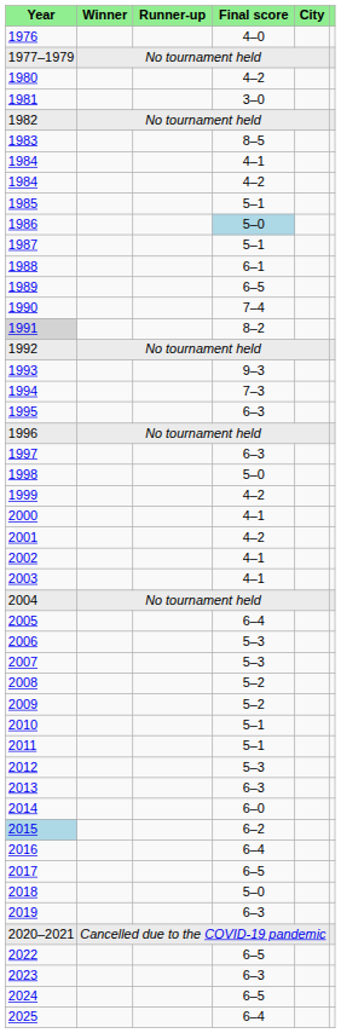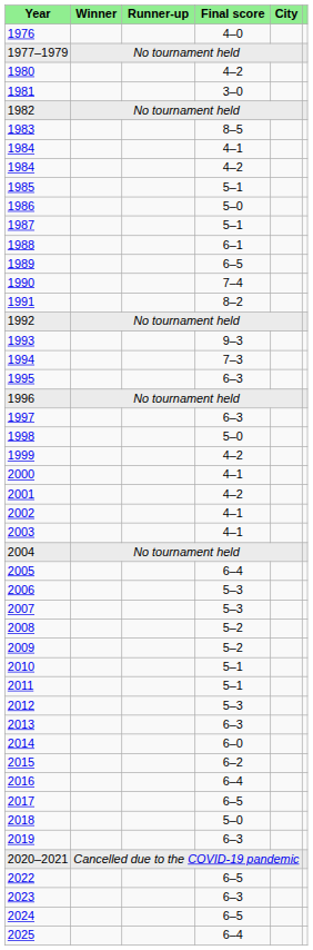 <table class="wikitable sortable">
 <tr>
 <th style="text-align: center; background-color: #90EE90">Year</th>
 <th style="text-align: center; background-color: #90EE90">Winner</th>
 <th style="text-align: center; background-color: #90EE90">Runner-up</th>
 <th style="text-align: center; background-color: #90EE90">Final score</th>
 <th style="text-align: center; background-color: #90EE90">City</th>
 <th style="text-align: center; background-color: #90EE90"></th>
 </tr>
 <tr>
 <td><a href='#'>1976</a></td>
 <td data-sort-value= "Selby, Vera"></td>
 <td data-sort-value= "Hazeldene, Muriel"></td>
 <td align = "center">4–0</td>
 <td align="left"></td>
 <td></td>
 </tr>
 <tr style="background-color: #ebebeb">
 <td>1977–1979</td>
 <td data-sort-value="ZZ" colspan=4 style="text-align: center"><em>No tournament held</em></td>
 <td></td>
 </tr>
 <tr>
 <td><a href='#'>1980</a></td>
 <td data-sort-value= "McIlrath, Lesley"></td>
 <td data-sort-value= "Davies, Agnes"></td>
 <td align = "center">4–2</td>
 <td align="left"></td>
 <td></td>
 </tr>
 <tr>
 <td><a href='#'>1981</a></td>
 <td data-sort-value= "Selby, Vera"></td>
 <td data-sort-value= "Fisher, Mandy"></td>
 <td align = "center">3–0</td>
 <td align="left"></td>
 <td></td>
 </tr>
 <tr style="background-color: #ebebeb">
 <td>1982</td>
 <td data-sort-value="ZZ" colspan=4 style="text-align: center"><em>No tournament held</em></td>
 <td></td>
 </tr>
 <tr>
 <td><a href='#'>1983</a></td>
 <td data-sort-value= "Foster, Sue"></td>
 <td data-sort-value= "Baynton, Maureen"></td>
 <td align = "center">8–5</td>
 <td align="left"></td>
 <td></td>
 </tr>
 <tr>
 <td><a href='#'>1984</a> </td>
 <td data-sort-value= "Hillyard, Stacey"></td>
 <td data-sort-value= "Stelmach, Natalie"></td>
 <td align = "center">4–1</td>
 <td align="left"></td>
 <td></td>
 </tr>
 <tr>
 <td><a href='#'>1984</a> </td>
 <td data-sort-value= "Fisher, Mandy"></td>
 <td data-sort-value= "McConnell, Maryann"></td>
 <td align = "center">4–2</td>
 <td align="left"></td>
 <td></td>
 </tr>
 <tr>
 <td><a href='#'>1985</a> </td>
 <td data-sort-value= "Fisher, Allison"></td>
 <td data-sort-value= "Hillyard, Stacey"></td>
 <td align = "center">5–1</td>
 <td align="left"></td>
 <td></td>
 </tr>
 <tr>
 <td><a href='#'>1986</a></td>
 <td data-sort-value= "Fisher, Allison"></td>
 <td data-sort-value= "LeMaich, Sue"></td>
-<td align = "center" style="background: lightblue;">5–0</td>
+<td align = "center">5–0</td>
 <td align="left"></td>
 <td></td>
 </tr>
 <tr>
 <td><a href='#'>1987</a></td>
 <td data-sort-value= "Farren, Anne-Marie"></td>
 <td data-sort-value= "Hillyard, Stacey"></td>
 <td align = "center">5–1</td>
 <td align="left"></td>
 <td></td>
 </tr>
 <tr>
 <td><a href='#'>1988</a></td>
 <td data-sort-value= "Fisher, Allison"></td>
 <td data-sort-value= "Farren, Anne-Marie"></td>
 <td align = "center">6–1</td>
 <td align="left"></td>
 <td></td>
 </tr>
 <tr>
 <td><a href='#'>1989</a></td>
 <td data-sort-value= "Fisher, Allison"></td>
 <td data-sort-value= "Farren, Anne-Marie"></td>
 <td align = "center">6–5</td>
 <td align="left"></td>
 <td></td>
 </tr>
 <tr>
 <td><a href='#'>1990</a></td>
 <td data-sort-value= "Corr, Karen"></td>
 <td data-sort-value= "Hillyard, Stacey"></td>
 <td align = "center">7–4</td>
 <td align="left"></td>
 <td></td>
 </tr>
 <tr>
-<td style="background: lightgrey;"><a href='#'>1991</a></td>
+<td><a href='#'>1991</a></td>
 <td data-sort-value= "Fisher, Allison"></td>
 <td data-sort-value= "Corr, Karen"></td>
 <td align = "center">8–2</td>
 <td align="left"></td>
 <td></td>
 </tr>
 <tr style="background-color: #ebebeb">
 <td>1992</td>
 <td data-sort-value="ZZ" colspan=4 style="text-align: center"><em>No tournament held</em></td>
 <td></td>
 </tr>
 <tr>
 <td><a href='#'>1993</a></td>
 <td data-sort-value= "Fisher, Allison"></td>
 <td data-sort-value= "Hillyard, Stacey"></td>
 <td align = "center">9–3</td>
 <td align="left"></td>
 <td></td>
 </tr>
 <tr>
 <td><a href='#'>1994</a></td>
 <td data-sort-value= "Fisher, Allison"></td>
 <td data-sort-value= "Hillyard, Stacey"></td>
 <td align = "center">7–3</td>
 <td align="left"></td>
 <td></td>
 </tr>
 <tr>
 <td><a href='#'>1995</a></td>
 <td data-sort-value= "Corr, Karen"></td>
 <td data-sort-value= "Shaw, Kim"></td>
 <td align = "center">6–3</td>
 <td align="left"></td>
 <td></td>
 </tr>
 <tr style="background-color: #ebebeb">
 <td>1996</td>
 <td data-sort-value="ZZ" colspan=4 style="text-align: center"><em>No tournament held</em></td>
 <td></td>
 </tr>
 <tr>
 <td><a href='#'>1997</a></td>
 <td data-sort-value= "Corr, Karen"></td>
 <td data-sort-value= "Fisher, Kelly"></td>
 <td align = "center">6–3</td>
 <td align="left"></td>
 <td></td>
 </tr>
 <tr>
 <td><a href='#'>1998</a></td>
 <td data-sort-value= "Fisher, Kelly"></td>
 <td data-sort-value= "Corr, Karen"></td>
 <td align = "center">5–0</td>
 <td align="left"></td>
 <td></td>
 </tr>
 <tr>
 <td><a href='#'>1999</a></td>
 <td data-sort-value= "Fisher, Kelly"></td>
 <td data-sort-value= "Corr, Karen"></td>
 <td align = "center">4–2</td>
 <td align="left"></td>
 <td></td>
 </tr>
 <tr>
 <td><a href='#'>2000</a></td>
 <td data-sort-value= "Fisher, Kelly"></td>
 <td data-sort-value= "Ingall, Lisa"></td>
 <td align = "center">4–1</td>
 <td align="left"></td>
 <td></td>
 </tr>
 <tr>
 <td><a href='#'>2001</a></td>
 <td data-sort-value= "Quick, Lisa"></td>
 <td data-sort-value="Horsburgh, Lynette"></td>
 <td align = "center">4–2</td>
 <td align="left"></td>
 <td></td>
 </tr>
 <tr>
 <td><a href='#'>2002</a></td>
 <td data-sort-value= "Fisher, Kelly"></td>
 <td data-sort-value= "Quick, Lisa"></td>
 <td align = "center">4–1</td>
 <td align="left"></td>
 <td></td>
 </tr>
 <tr>
 <td><a href='#'>2003</a></td>
 <td data-sort-value= "Fisher, Kelly"></td>
 <td data-sort-value= "Quick, Lisa"></td>
 <td align = "center">4–1</td>
 <td align="left"></td>
 <td></td>
 </tr>
 <tr style="background-color: #ebebeb">
 <td>2004</td>
 <td data-sort-value="ZZ" colspan=4 style="text-align: center"><em>No tournament held</em></td>
 <td></td>
 </tr>
 <tr>
 <td><a href='#'>2005</a></td>
 <td data-sort-value="Evans, Reannne"></td>
 <td data-sort-value="Horsburgh, Lynette"></td>
 <td align = "center">6–4</td>
 <td align="left"></td>
 <td></td>
 </tr>
 <tr>
 <td><a href='#'>2006</a></td>
 <td data-sort-value="Evans, Reannne"></td>
 <td data-sort-value="Bonney, Emma"></td>
 <td align = "center">5–3</td>
 <td align="left"></td>
 <td></td>
 </tr>
 <tr>
 <td><a href='#'>2007</a></td>
 <td data-sort-value="Evans, Reannne"></td>
 <td data-sort-value="Henrick, Katie"></td>
 <td align = "center">5–3</td>
 <td align="left"></td>
 <td></td>
 </tr>
 <tr>
 <td><a href='#'>2008</a></td>
 <td data-sort-value="Evans, Reannne"></td>
 <td data-sort-value="Banks, June"></td>
 <td align = "center">5–2</td>
 <td align="left"></td>
 <td></td>
 </tr>
 <tr>
 <td><a href='#'>2009</a></td>
 <td data-sort-value="Evans, Reannne"></td>
 <td data-sort-value="Catalano, Maria"></td>
 <td align = "center">5–2</td>
 <td align="left"></td>
 <td></td>
 </tr>
 <tr>
 <td><a href='#'>2010</a></td>
 <td data-sort-value="Evans, Reannne"></td>
 <td data-sort-value="Catalano, Maria"></td>
 <td align = "center">5–1</td>
 <td align="left"></td>
 <td></td>
 </tr>
 <tr>
 <td><a href='#'>2011</a></td>
 <td data-sort-value="Evans, Reannne"></td>
 <td data-sort-value="Bonney, Emma"></td>
 <td align = "center">5–1</td>
 <td align="left"></td>
 <td></td>
 </tr>
 <tr>
 <td><a href='#'>2012</a></td>
 <td data-sort-value="Evans, Reannne"></td>
 <td data-sort-value="Catalano, Maria"></td>
 <td align = "center">5–3</td>
 <td align="left"></td>
 <td></td>
 </tr>
 <tr>
 <td><a href='#'>2013</a></td>
 <td data-sort-value="Evans, Reannne"></td>
 <td data-sort-value="Catalano, Maria"></td>
 <td align = "center">6–3</td>
 <td align="left"></td>
 <td></td>
 </tr>
 <tr>
 <td><a href='#'>2014</a></td>
 <td data-sort-value="Evans, Reannne"></td>
 <td data-sort-value="Ng On-yee"></td>
 <td align = "center">6–0</td>
 <td align="left"></td>
 <td></td>
 </tr>
 <tr>
-<td style="background: lightblue;"><a href='#'>2015</a></td>
+<td><a href='#'>2015</a></td>
 <td data-sort-value="Ng On-yee"></td>
 <td data-sort-value="Bonney, Emma"></td>
 <td align = "center">6–2</td>
 <td align="left"></td>
 <td></td>
 </tr>
 <tr>
 <td><a href='#'>2016</a></td>
 <td data-sort-value="Evans, Reannne"></td>
 <td data-sort-value="Ng On-yee"></td>
 <td align = "center">6–4</td>
 <td align="left"></td>
 <td></td>
 </tr>
 <tr>
 <td><a href='#'>2017</a></td>
 <td data-sort-value="Ng On-yee"></td>
 <td data-sort-value="Pillai, Vidya"></td>
 <td align = "center">6–5</td>
 <td align="left"></td>
 <td></td>
 </tr>
 <tr>
 <td><a href='#'>2018</a></td>
 <td data-sort-value="Ng On-yee"></td>
 <td data-sort-value="Catalano, Maria"></td>
 <td align = "center">5–0</td>
 <td align="left"></td>
 <td></td>
 </tr>
 <tr>
 <td><a href='#'>2019</a></td>
 <td data-sort-value="Evans, Reannne"></td>
 <td data-sort-value="Nutcharut, Mink"></td>
 <td align = "center">6–3</td>
 <td align="left"></td>
 <td></td>
 </tr>
 <tr style="background-color: #ebebeb">
 <td>2020–2021</td>
 <td data-sort-value="ZZ" colspan=4 style="text-align: center"><em>Cancelled due to the <a href='#'>COVID-19 pandemic</a></em></td>
 <td></td>
 </tr>
 <tr>
 <td><a href='#'>2022</a></td>
 <td data-sort-value="Nutcharut, Mink"></td>
 <td data-sort-value="Jans, Wendy"></td>
 <td align = "center">6–5</td>
 <td align="left"></td>
 <td></td>
 </tr>
 <tr>
 <td><a href='#'>2023</a></td>
 <td data-sort-value="Siripaporn, Baipat"></td>
 <td data-sort-value"Bai Yulu"></td>
 <td align = "center">6–3</td>
 <td align="left"></td>
 <td></td>
 </tr>
 <tr>
 <td><a href='#'>2024</a></td>
 <td data-sort-value="Bai Yulu"></td>
 <td data-sort-value="Nutcharut, Mink"></td>
 <td align = "center">6–5</td>
 <td align="left"></td>
 <td></td>
 </tr>
 <tr>
 <td><a href='#'>2025</a></td>
 <td data-sort-value="Bai Yulu"></td>
 <td data-sort-value="Nutcharut, Mink"></td>
 <td align = "center">6–4</td>
 <td align="left"></td>
 <td></td>
 </tr>
 </table>
